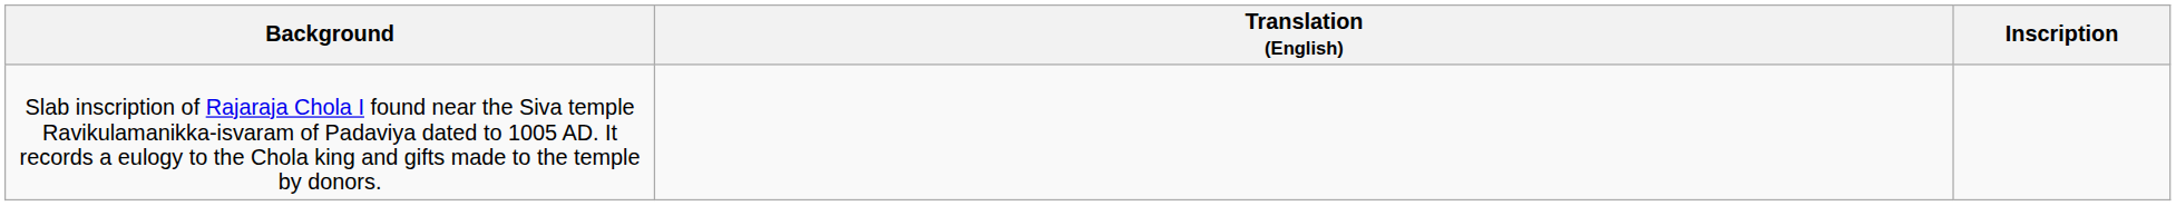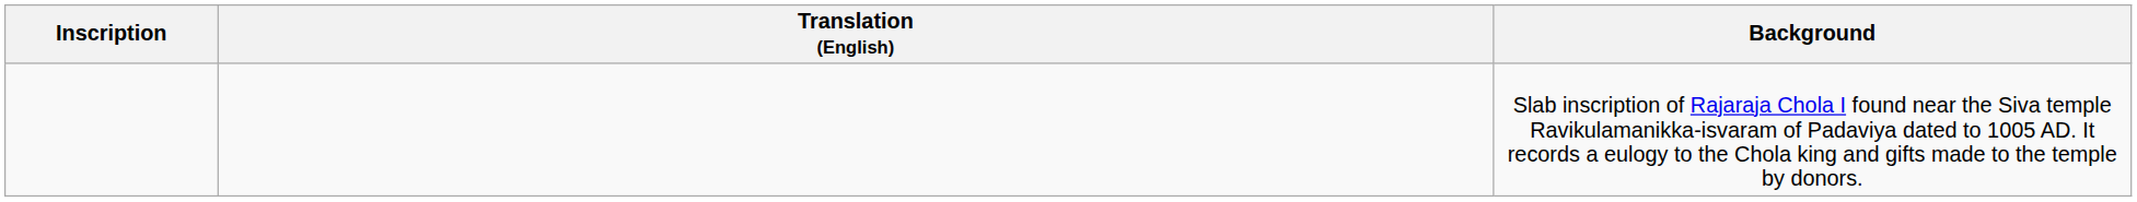 <table class="wikitable centre">
 <tr>
+<th>Inscription<br></th>
+<th>Translation<br><small>(English)</small></th>
 <th scope="col" align=left>Background<br></th>
-<th>Translation<br><small>(English)</small></th>
-<th>Inscription<br></th>
 </tr>
 <tr>
+<td align=center width="10%"><br></td>
+<td align=left><br></td>
 <td align=center width="30%"><br>Slab inscription of <a href='#'>Rajaraja Chola I</a> found near the Siva temple Ravikulamanikka-isvaram of Padaviya dated to 1005 AD. It records a eulogy to the Chola king and gifts made to the temple by donors.</td>
-<td align=left><br></td>
-<td align=center width="10%"><br></td>
 </tr>
 </table>
